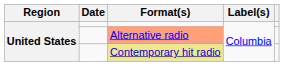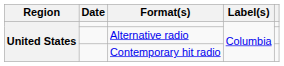 <table class="wikitable plainrowheaders" style="text-align:left">
 <tr>
 <th scope="col">Region</th>
 <th scope="col">Date</th>
 <th scope="col">Format(s)</th>
 <th scope="col">Label(s)</th>
 <th scope="col"></th>
 </tr>
 <tr>
 <th scope="row" rowspan="3">United States</th>
 <td></td>
 <td></td>
 <td rowspan="3"><a href='#'>Columbia</a></td>
 <td></td>
 </tr>
 <tr>
 <td></td>
-<td style="background: lightsalmon;"><a href='#'>Alternative radio</a></td>
+<td><a href='#'>Alternative radio</a></td>
 <td></td>
 </tr>
 <tr>
 <td></td>
-<td style="background: khaki;"><a href='#'>Contemporary hit radio</a></td>
+<td><a href='#'>Contemporary hit radio</a></td>
 <td></td>
 </tr>
 </table>
